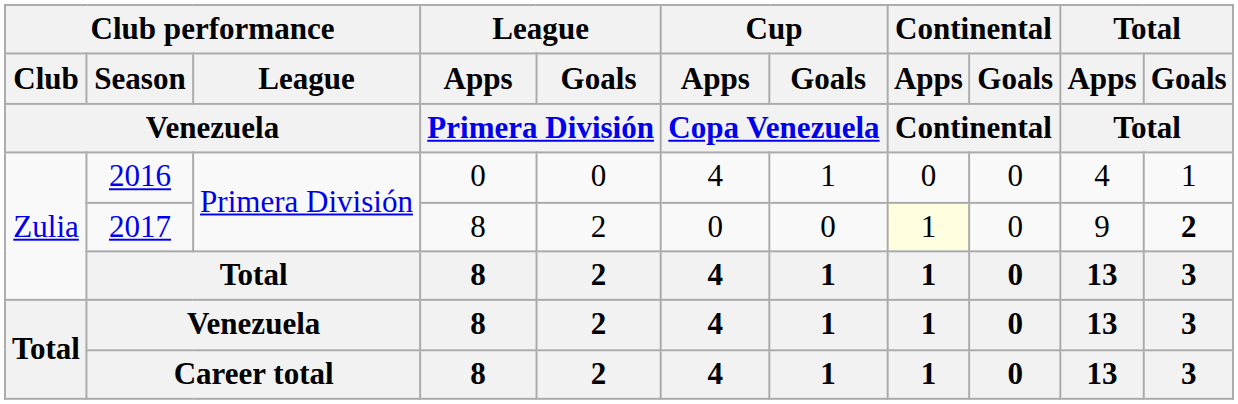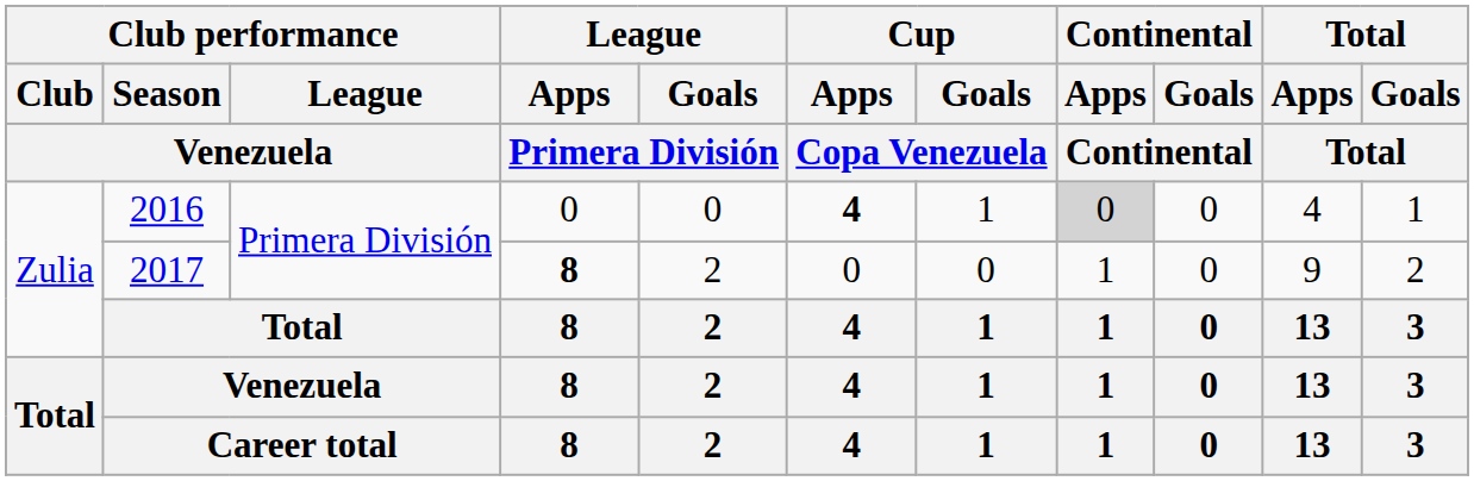 <table class="wikitable" style="text-align:center">
 <tr>
 <th colspan=3>Club performance</th>
 <th colspan=2>League</th>
 <th colspan=2>Cup</th>
 <th colspan=2>Continental</th>
 <th colspan=2>Total</th>
 </tr>
 <tr>
 <th>Club</th>
 <th>Season</th>
 <th>League</th>
 <th>Apps</th>
 <th>Goals</th>
 <th>Apps</th>
 <th>Goals</th>
 <th>Apps</th>
 <th>Goals</th>
 <th>Apps</th>
 <th>Goals</th>
 </tr>
 <tr>
 <th colspan=3>Venezuela</th>
 <th colspan=2><a href='#'>Primera División</a></th>
 <th colspan=2><a href='#'>Copa Venezuela</a></th>
 <th colspan=2>Continental</th>
 <th colspan=2>Total</th>
 </tr>
 <tr>
 <td rowspan="3"><a href='#'>Zulia</a></td>
 <td><a href='#'>2016</a></td>
 <td rowspan="2"><a href='#'>Primera División</a></td>
 <td>0</td>
 <td>0</td>
-<td>4</td>
+<td><strong>4</strong></td>
 <td>1</td>
-<td>0</td>
+<td style="background: lightgrey;">0</td>
 <td>0</td>
 <td>4</td>
 <td>1</td>
 </tr>
 <tr>
 <td><a href='#'>2017</a></td>
-<td>8</td>
+<td><strong>8</strong></td>
 <td>2</td>
 <td>0</td>
 <td>0</td>
-<td style="background: lightyellow;">1</td>
+<td>1</td>
 <td>0</td>
 <td>9</td>
-<td><strong>2</strong></td>
+<td>2</td>
 </tr>
 <tr>
 <th colspan="2">Total</th>
 <th>8</th>
 <th>2</th>
 <th>4</th>
 <th>1</th>
 <th>1</th>
 <th>0</th>
 <th>13</th>
 <th>3</th>
 </tr>
 <tr>
 <th rowspan=2>Total</th>
 <th colspan=2>Venezuela</th>
 <th>8</th>
 <th>2</th>
 <th>4</th>
 <th>1</th>
 <th>1</th>
 <th>0</th>
 <th>13</th>
 <th>3</th>
 </tr>
 <tr>
 <th colspan=2>Career total</th>
 <th>8</th>
 <th>2</th>
 <th>4</th>
 <th>1</th>
 <th>1</th>
 <th>0</th>
 <th>13</th>
 <th>3</th>
 </tr>
 </table>
